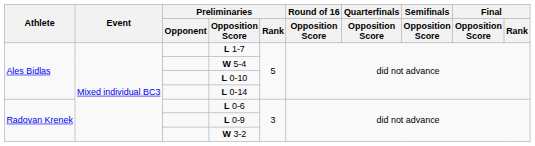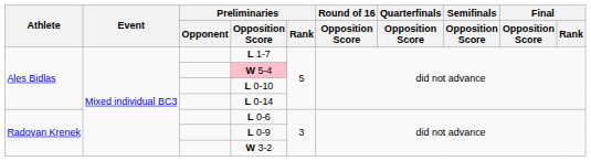 <table class=wikitable style="font-size:90%">
 <tr>
 <th rowspan="2">Athlete</th>
 <th rowspan="2">Event</th>
 <th colspan="3">Preliminaries</th>
 <th>Round of 16</th>
 <th>Quarterfinals</th>
 <th>Semifinals</th>
 <th colspan="2">Final</th>
 </tr>
 <tr>
 <th>Opponent</th>
 <th>Opposition<br>Score</th>
 <th>Rank</th>
 <th>Opposition<br>Score</th>
 <th>Opposition<br>Score</th>
 <th>Opposition<br>Score</th>
 <th>Opposition<br>Score</th>
 <th>Rank</th>
 </tr>
 <tr>
 <td rowspan="4"><a href='#'>Ales Bidlas</a></td>
 <td rowspan="7"><a href='#'>Mixed individual BC3</a></td>
 <td align="left"></td>
 <td align="center"><strong>L</strong> 1-7</td>
 <td align="center" rowspan="4">5</td>
 <td align="center" rowspan="4" colspan="7">did not advance</td>
 </tr>
 <tr>
 <td align="left"></td>
-<td align="center"><strong>W</strong> 5-4</td>
+<td align="center" style="background: pink;"><strong>W</strong> 5-4</td>
 </tr>
 <tr>
 <td align="left"></td>
 <td align="center"><strong>L</strong> 0-10</td>
 </tr>
 <tr>
 <td align="left"></td>
 <td align="center"><strong>L</strong> 0-14</td>
 </tr>
 <tr>
 <td rowspan="3"><a href='#'>Radovan Krenek</a></td>
 <td align="left"></td>
 <td align="center"><strong>L</strong> 0-6</td>
 <td align="center" rowspan="3">3</td>
 <td align="center" rowspan="3" colspan="7">did not advance</td>
 </tr>
 <tr>
 <td align="left"></td>
 <td align="center"><strong>L</strong> 0-9</td>
 </tr>
 <tr>
 <td align="left"></td>
 <td align="center"><strong>W</strong> 3-2</td>
 </tr>
 </table>
